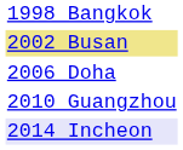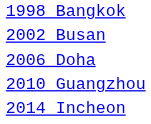 <table>
 <tr>
 <td><a href='#'>1998 Bangkok</a></td>
 <td></td>
 <td></td>
 <td></td>
 </tr>
 <tr>
-<td style="background: khaki;"><a href='#'>2002 Busan</a></td>
+<td><a href='#'>2002 Busan</a></td>
 <td></td>
 <td></td>
 <td></td>
 </tr>
 <tr>
 <td><a href='#'>2006 Doha</a></td>
 <td></td>
 <td></td>
 <td></td>
 </tr>
 <tr>
 <td><a href='#'>2010 Guangzhou</a></td>
 <td></td>
 <td></td>
 <td></td>
 </tr>
 <tr>
-<td style="background: lavender;"><a href='#'>2014 Incheon</a></td>
+<td><a href='#'>2014 Incheon</a></td>
 <td></td>
 <td></td>
 <td></td>
 </tr>
 </table>
